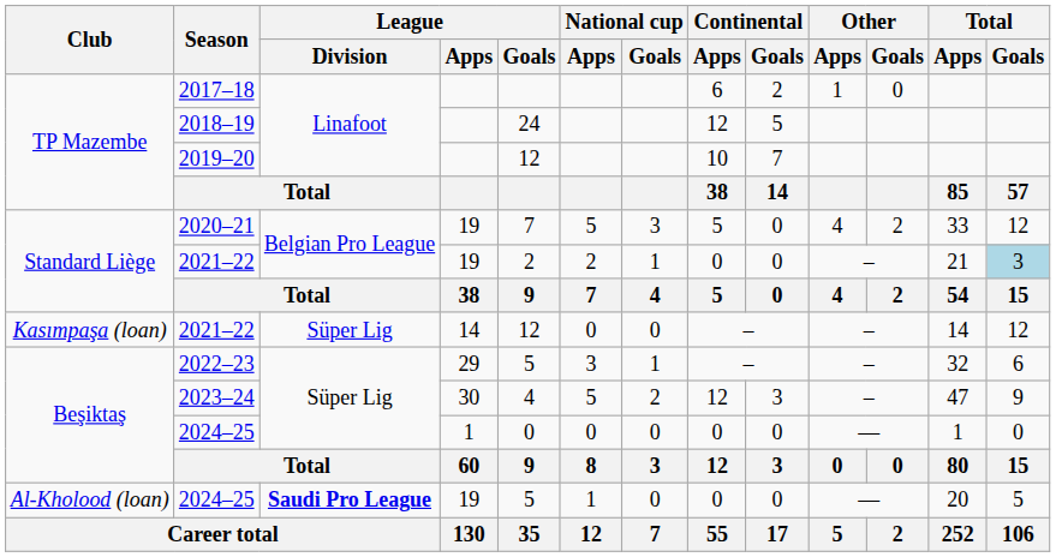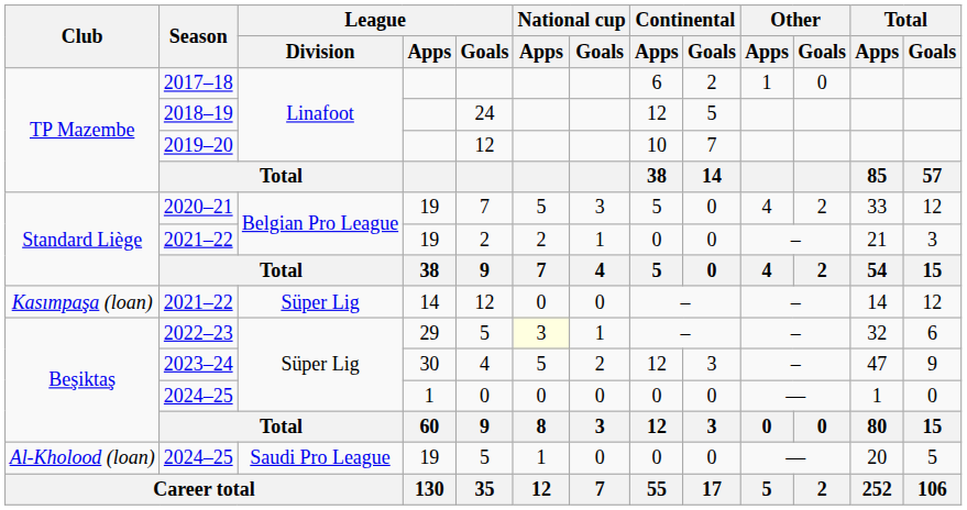 <table class="wikitable" style="text-align:center">
 <tr>
 <th rowspan="2">Club</th>
 <th rowspan="2">Season</th>
 <th colspan="3">League</th>
 <th colspan="2">National cup</th>
 <th colspan="2">Continental</th>
 <th colspan="2">Other</th>
 <th colspan="2">Total</th>
 </tr>
 <tr>
 <th>Division</th>
 <th>Apps</th>
 <th>Goals</th>
 <th>Apps</th>
 <th>Goals</th>
 <th>Apps</th>
 <th>Goals</th>
 <th>Apps</th>
 <th>Goals</th>
 <th>Apps</th>
 <th>Goals</th>
 </tr>
 <tr>
 <td rowspan="4"><a href='#'>TP Mazembe</a></td>
 <td><a href='#'>2017–18</a></td>
 <td rowspan="3"><a href='#'>Linafoot</a></td>
 <td></td>
 <td></td>
 <td></td>
 <td></td>
 <td>6</td>
 <td>2</td>
 <td>1</td>
 <td>0</td>
 <td></td>
 <td></td>
 </tr>
 <tr>
 <td><a href='#'>2018–19</a></td>
 <td></td>
 <td>24</td>
 <td></td>
 <td></td>
 <td>12</td>
 <td>5</td>
 <td></td>
 <td></td>
 <td></td>
 <td></td>
 </tr>
 <tr>
 <td><a href='#'>2019–20</a></td>
 <td></td>
 <td>12</td>
 <td></td>
 <td></td>
 <td>10</td>
 <td>7</td>
 <td></td>
 <td></td>
 <td></td>
 <td></td>
 </tr>
 <tr>
 <th colspan="2">Total</th>
 <th></th>
 <th></th>
 <th></th>
 <th></th>
 <th>38</th>
 <th>14</th>
 <th></th>
 <th></th>
 <th>85</th>
 <th>57</th>
 </tr>
 <tr>
 <td rowspan="3"><a href='#'>Standard Liège</a></td>
 <td><a href='#'>2020–21</a></td>
 <td rowspan="2"><a href='#'>Belgian Pro League</a></td>
 <td>19</td>
 <td>7</td>
 <td>5</td>
 <td>3</td>
 <td>5</td>
 <td>0</td>
 <td>4</td>
 <td>2</td>
 <td>33</td>
 <td>12</td>
 </tr>
 <tr>
 <td><a href='#'>2021–22</a></td>
 <td>19</td>
 <td>2</td>
 <td>2</td>
 <td>1</td>
 <td>0</td>
 <td>0</td>
 <td colspan="2">–</td>
 <td>21</td>
-<td style="background: lightblue;">3</td>
+<td>3</td>
 </tr>
 <tr>
 <th colspan="2">Total</th>
 <th>38</th>
 <th>9</th>
 <th>7</th>
 <th>4</th>
 <th>5</th>
 <th>0</th>
 <th>4</th>
 <th>2</th>
 <th>54</th>
 <th>15</th>
 </tr>
 <tr>
 <td><em><a href='#'>Kasımpaşa</a> (loan)</em></td>
 <td><a href='#'>2021–22</a></td>
 <td><a href='#'>Süper Lig</a></td>
 <td>14</td>
 <td>12</td>
 <td>0</td>
 <td>0</td>
 <td colspan="2">–</td>
 <td colspan="2">–</td>
 <td>14</td>
 <td>12</td>
 </tr>
 <tr>
 <td rowspan="4"><a href='#'>Beşiktaş</a></td>
 <td><a href='#'>2022–23</a></td>
 <td rowspan="3">Süper Lig</td>
 <td>29</td>
 <td>5</td>
-<td>3</td>
+<td style="background: lightyellow;">3</td>
 <td>1</td>
 <td colspan="2">–</td>
 <td colspan="2">–</td>
 <td>32</td>
 <td>6</td>
 </tr>
 <tr>
 <td><a href='#'>2023–24</a></td>
 <td>30</td>
 <td>4</td>
 <td>5</td>
 <td>2</td>
 <td>12</td>
 <td>3</td>
 <td colspan="2">–</td>
 <td>47</td>
 <td>9</td>
 </tr>
 <tr>
 <td><a href='#'>2024–25</a></td>
 <td>1</td>
 <td>0</td>
 <td>0</td>
 <td>0</td>
 <td>0</td>
 <td>0</td>
 <td colspan="2">—</td>
 <td>1</td>
 <td>0</td>
 </tr>
 <tr>
 <th colspan="2">Total</th>
 <th>60</th>
 <th>9</th>
 <th>8</th>
 <th>3</th>
 <th>12</th>
 <th>3</th>
 <th>0</th>
 <th>0</th>
 <th>80</th>
 <th>15</th>
 </tr>
 <tr>
 <td><em><a href='#'>Al-Kholood</a> (loan)</em></td>
 <td><a href='#'>2024–25</a></td>
-<td><strong><a href='#'>Saudi Pro League</a></strong></td>
+<td><a href='#'>Saudi Pro League</a></td>
 <td>19</td>
 <td>5</td>
 <td>1</td>
 <td>0</td>
 <td>0</td>
 <td>0</td>
 <td colspan="2">—</td>
 <td>20</td>
 <td>5</td>
 </tr>
 <tr>
 <th colspan="3">Career total</th>
 <th>130</th>
 <th>35</th>
 <th>12</th>
 <th>7</th>
 <th>55</th>
 <th>17</th>
 <th>5</th>
 <th>2</th>
 <th>252</th>
 <th>106</th>
 </tr>
 </table>
